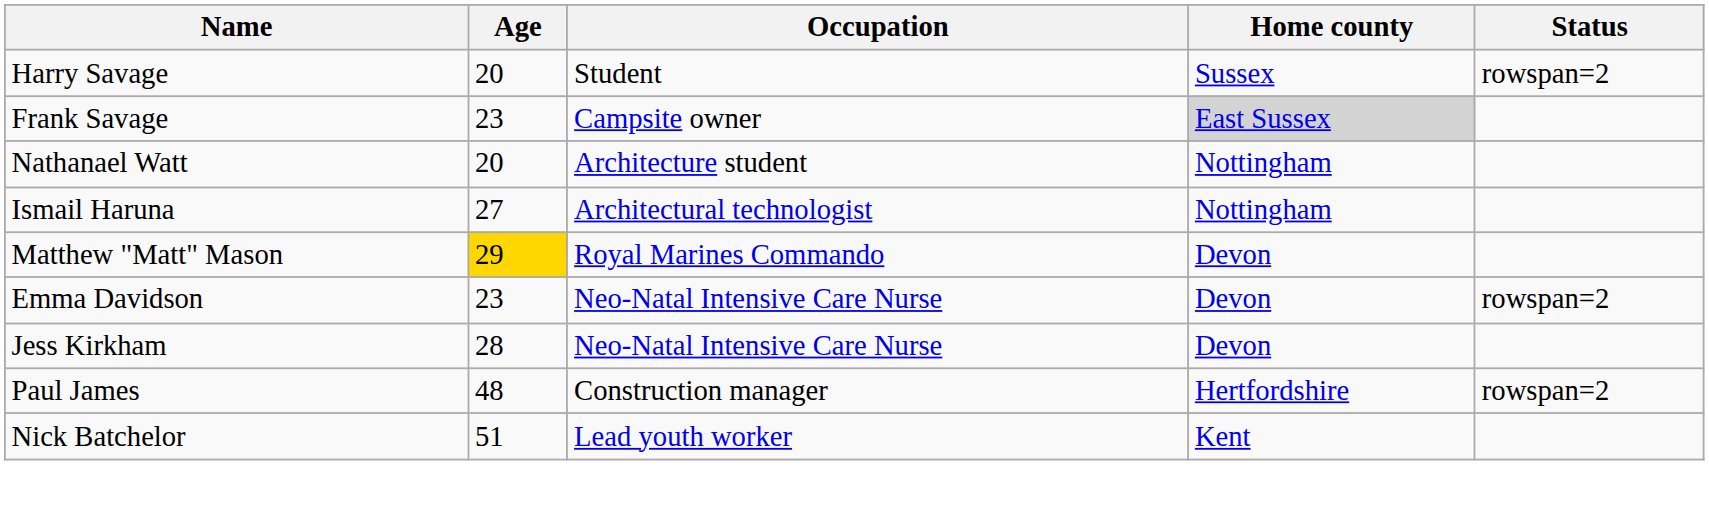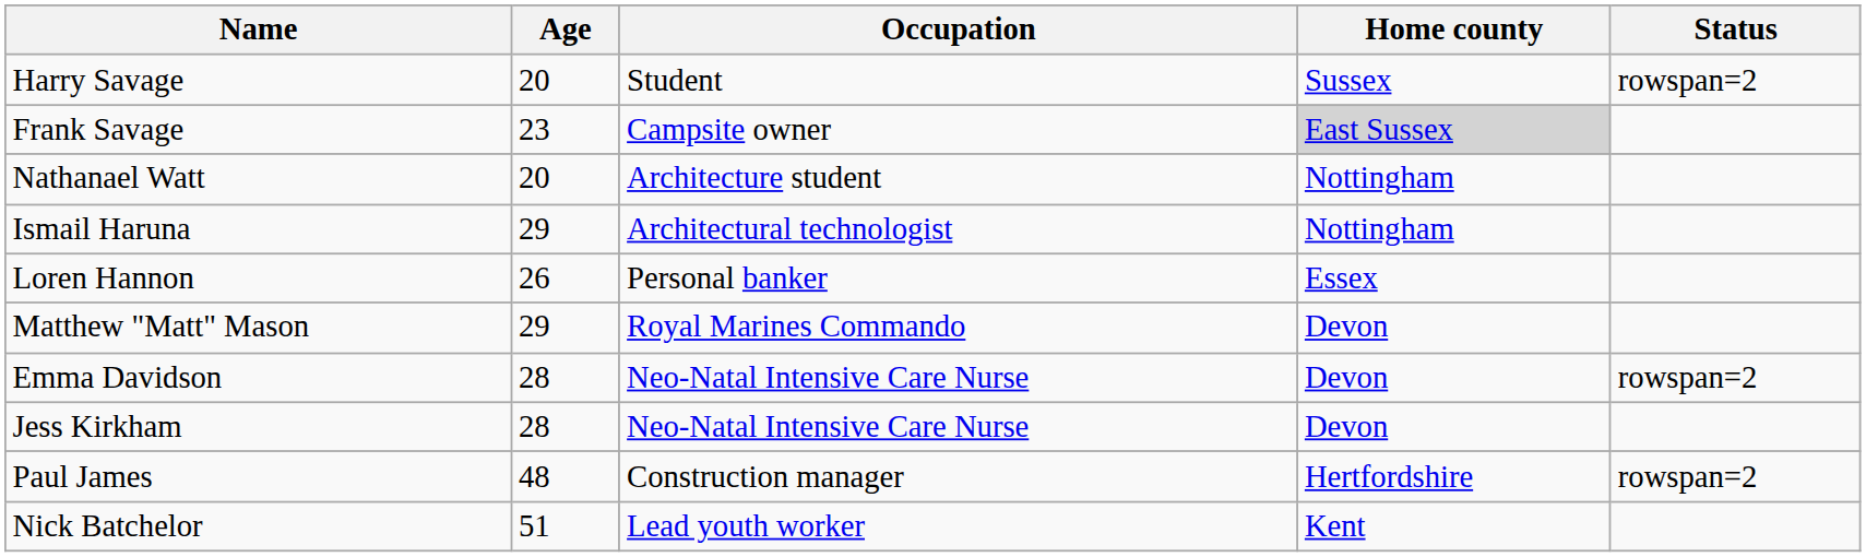 <table class="wikitable sortable" width=60%>
 <tr>
 <th>Name</th>
 <th>Age</th>
 <th>Occupation</th>
 <th>Home county</th>
 <th>Status</th>
 </tr>
 <tr>
 <td>Harry Savage</td>
 <td>20</td>
 <td>Student</td>
 <td><a href='#'>Sussex</a></td>
 <td>rowspan=2 </td>
 </tr>
 <tr>
 <td>Frank Savage</td>
 <td>23</td>
 <td><a href='#'>Campsite</a> owner</td>
 <td style="background: lightgrey;"><a href='#'>East Sussex</a></td>
 </tr>
 <tr>
 <td>Nathanael Watt</td>
 <td>20</td>
 <td><a href='#'>Architecture</a> student</td>
 <td><a href='#'>Nottingham</a></td>
 <td></td>
 </tr>
 <tr>
 <td>Ismail Haruna</td>
-<td>27</td>
+<td>29</td>
 <td><a href='#'>Architectural technologist</a></td>
 <td><a href='#'>Nottingham</a></td>
 <td></td>
 </tr>
 <tr>
+<td>Loren Hannon</td>
+<td>26</td>
+<td>Personal <a href='#'>banker</a></td>
+<td><a href='#'>Essex</a></td>
+<td></td>
+</tr>
+<tr>
 <td>Matthew "Matt" Mason</td>
-<td style="background: gold;">29</td>
+<td>29</td>
 <td><a href='#'>Royal Marines Commando</a></td>
 <td><a href='#'>Devon</a></td>
 <td></td>
 </tr>
 <tr>
 <td>Emma Davidson</td>
-<td>23</td>
+<td>28</td>
 <td><a href='#'>Neo-Natal Intensive Care Nurse</a></td>
 <td><a href='#'>Devon</a></td>
 <td>rowspan=2 </td>
 </tr>
 <tr>
 <td>Jess Kirkham</td>
 <td>28</td>
 <td><a href='#'>Neo-Natal Intensive Care Nurse</a></td>
 <td><a href='#'>Devon</a></td>
 </tr>
 <tr>
 <td>Paul James</td>
 <td>48</td>
 <td>Construction manager</td>
 <td><a href='#'>Hertfordshire</a></td>
 <td>rowspan=2 </td>
 </tr>
 <tr>
 <td>Nick Batchelor</td>
 <td>51</td>
 <td><a href='#'>Lead youth worker</a></td>
 <td><a href='#'>Kent</a></td>
 </tr>
 </table>
